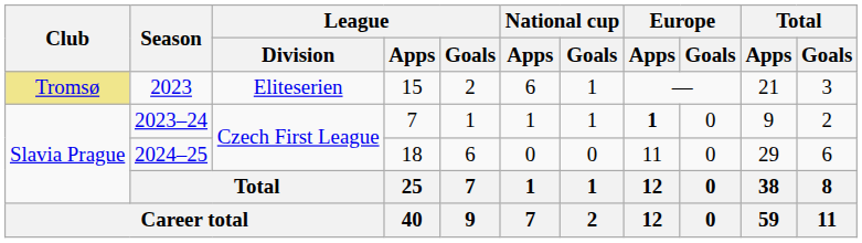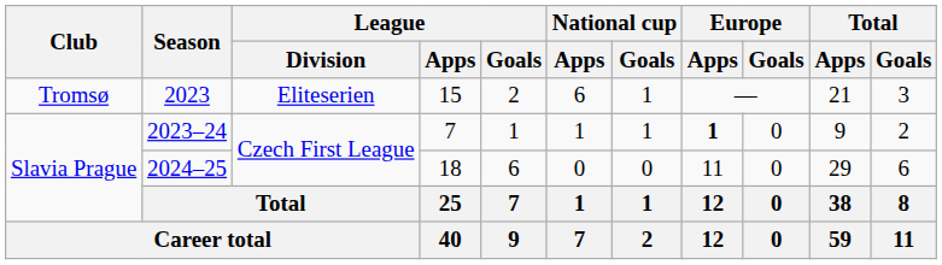 <table class="wikitable" style="text-align: center;">
 <tr>
 <th rowspan="2">Club</th>
 <th rowspan="2">Season</th>
 <th colspan="3">League</th>
 <th colspan="2">National cup</th>
 <th colspan="2">Europe</th>
 <th colspan="2">Total</th>
 </tr>
 <tr>
 <th>Division</th>
 <th>Apps</th>
 <th>Goals</th>
 <th>Apps</th>
 <th>Goals</th>
 <th>Apps</th>
 <th>Goals</th>
 <th>Apps</th>
 <th>Goals</th>
 </tr>
 <tr>
-<td style="background: khaki;"><a href='#'>Tromsø</a></td>
+<td><a href='#'>Tromsø</a></td>
 <td><a href='#'>2023</a></td>
 <td><a href='#'>Eliteserien</a></td>
 <td>15</td>
 <td>2</td>
 <td>6</td>
 <td>1</td>
 <td colspan=2>—</td>
 <td>21</td>
 <td>3</td>
 </tr>
 <tr>
 <td rowspan=3><a href='#'>Slavia Prague</a></td>
 <td><a href='#'>2023–24</a></td>
 <td rowspan=2><a href='#'>Czech First League</a></td>
 <td>7</td>
 <td>1</td>
 <td>1</td>
 <td>1</td>
 <td><strong>1</strong></td>
 <td>0</td>
 <td>9</td>
 <td>2</td>
 </tr>
 <tr>
 <td><a href='#'>2024–25</a></td>
 <td>18</td>
 <td>6</td>
 <td>0</td>
 <td>0</td>
 <td>11</td>
 <td>0</td>
 <td>29</td>
 <td>6</td>
 </tr>
 <tr>
 <th colspan=2>Total</th>
 <th>25</th>
 <th>7</th>
 <th>1</th>
 <th>1</th>
 <th>12</th>
 <th>0</th>
 <th>38</th>
 <th>8</th>
 </tr>
 <tr>
 <th colspan=3>Career total</th>
 <th>40</th>
 <th>9</th>
 <th>7</th>
 <th>2</th>
 <th>12</th>
 <th>0</th>
 <th>59</th>
 <th>11</th>
 </tr>
 </table>
